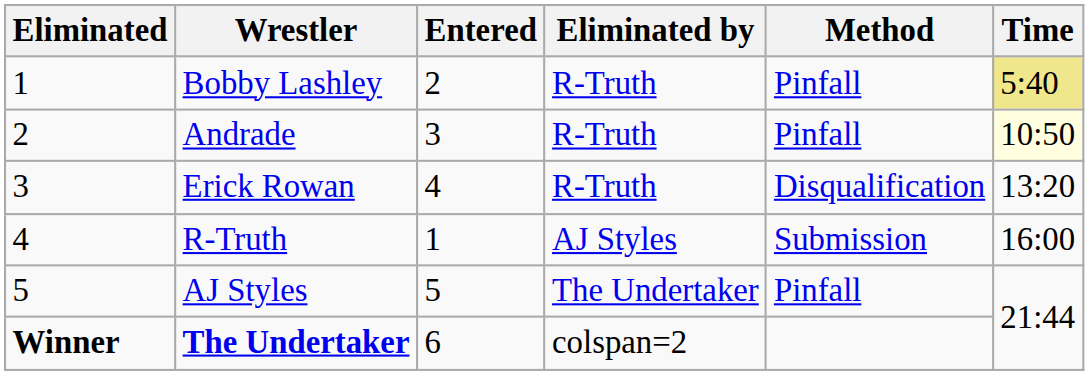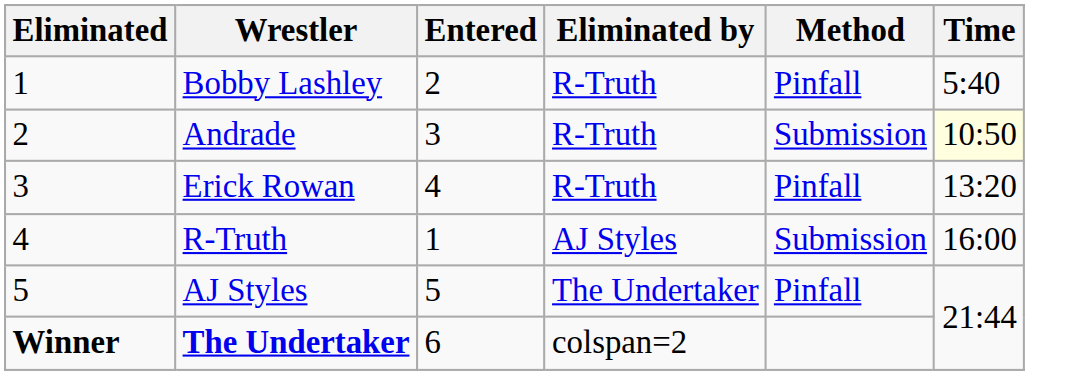 <table class="wikitable sortable">
 <tr>
 <th>Eliminated</th>
 <th>Wrestler</th>
 <th>Entered</th>
 <th>Eliminated by</th>
 <th>Method</th>
 <th>Time</th>
 </tr>
 <tr>
 <td>1</td>
 <td><a href='#'>Bobby Lashley</a></td>
 <td>2</td>
 <td><a href='#'>R-Truth</a></td>
 <td><a href='#'>Pinfall</a></td>
-<td style="background: khaki;">5:40</td>
+<td>5:40</td>
 </tr>
 <tr>
 <td>2</td>
 <td><a href='#'>Andrade</a></td>
 <td>3</td>
 <td><a href='#'>R-Truth</a></td>
-<td><a href='#'>Pinfall</a></td>
+<td><a href='#'>Submission</a></td>
 <td style="background: lightyellow;">10:50</td>
 </tr>
 <tr>
 <td>3</td>
 <td><a href='#'>Erick Rowan</a></td>
 <td>4</td>
 <td><a href='#'>R-Truth</a></td>
-<td><a href='#'>Disqualification</a></td>
+<td><a href='#'>Pinfall</a></td>
 <td>13:20</td>
 </tr>
 <tr>
 <td>4</td>
 <td><a href='#'>R-Truth</a></td>
 <td>1</td>
 <td><a href='#'>AJ Styles</a></td>
 <td><a href='#'>Submission</a></td>
 <td>16:00</td>
 </tr>
 <tr>
 <td>5</td>
 <td><a href='#'>AJ Styles</a></td>
 <td>5</td>
 <td><a href='#'>The Undertaker</a></td>
 <td><a href='#'>Pinfall</a></td>
 <td rowspan=2>21:44</td>
 </tr>
 <tr>
 <td><strong>Winner</strong></td>
 <td><strong><a href='#'>The Undertaker</a></strong></td>
 <td>6</td>
 <td>colspan=2 </td>
 </tr>
 </table>
